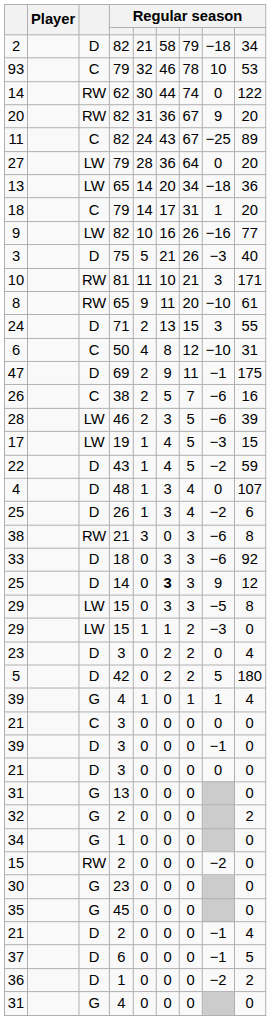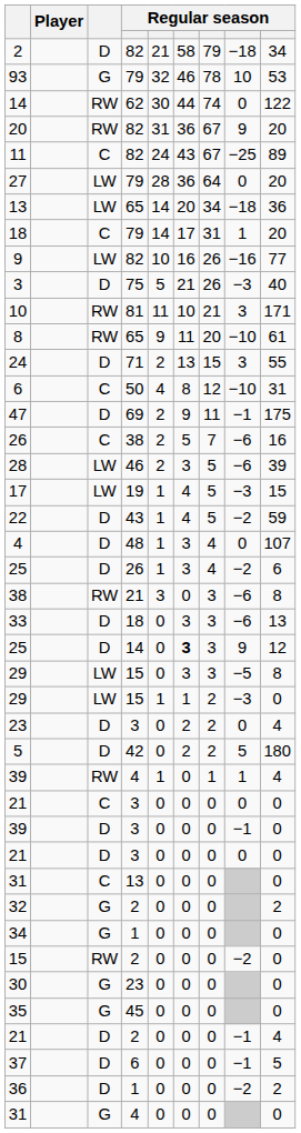 <table class="wikitable sortable plainrowheaders" style="text-align:center;">
 <tr>
 <th scope="col" data-sort-type="number" rowspan="2"></th>
 <th scope="col" rowspan="2">Player</th>
 <th scope="col" rowspan="2"></th>
 <th scope=colgroup colspan=6>Regular season</th>
 </tr>
 <tr>
 <th scope="col" data-sort-type="number"></th>
 <th scope="col" data-sort-type="number"></th>
 <th scope="col" data-sort-type="number"></th>
 <th scope="col" data-sort-type="number"></th>
 <th scope="col" data-sort-type="number"></th>
 <th scope="col" data-sort-type="number"></th>
 </tr>
 <tr>
 <td scope="row">2</td>
 <td align="left"></td>
 <td>D</td>
 <td>82</td>
 <td>21</td>
 <td>58</td>
 <td>79</td>
 <td>−18</td>
 <td>34</td>
 </tr>
 <tr>
 <td scope="row">93</td>
 <td align="left"></td>
-<td>C</td>
+<td>G</td>
 <td>79</td>
 <td>32</td>
 <td>46</td>
 <td>78</td>
 <td>10</td>
 <td>53</td>
 </tr>
 <tr>
 <td scope="row">14</td>
 <td align="left"></td>
 <td>RW</td>
 <td>62</td>
 <td>30</td>
 <td>44</td>
 <td>74</td>
 <td>0</td>
 <td>122</td>
 </tr>
 <tr>
 <td scope="row">20</td>
 <td align="left"></td>
 <td>RW</td>
 <td>82</td>
 <td>31</td>
 <td>36</td>
 <td>67</td>
 <td>9</td>
 <td>20</td>
 </tr>
 <tr>
 <td scope="row">11</td>
 <td align="left"></td>
 <td>C</td>
 <td>82</td>
 <td>24</td>
 <td>43</td>
 <td>67</td>
 <td>−25</td>
 <td>89</td>
 </tr>
 <tr>
 <td scope="row">27</td>
 <td align="left"></td>
 <td>LW</td>
 <td>79</td>
 <td>28</td>
 <td>36</td>
 <td>64</td>
 <td>0</td>
 <td>20</td>
 </tr>
 <tr>
 <td scope="row">13</td>
 <td align="left"></td>
 <td>LW</td>
 <td>65</td>
 <td>14</td>
 <td>20</td>
 <td>34</td>
 <td>−18</td>
 <td>36</td>
 </tr>
 <tr>
 <td scope="row">18</td>
 <td align="left"></td>
 <td>C</td>
 <td>79</td>
 <td>14</td>
 <td>17</td>
 <td>31</td>
 <td>1</td>
 <td>20</td>
 </tr>
 <tr>
 <td scope="row">9</td>
 <td align="left"></td>
 <td>LW</td>
 <td>82</td>
 <td>10</td>
 <td>16</td>
 <td>26</td>
 <td>−16</td>
 <td>77</td>
 </tr>
 <tr>
 <td scope="row">3</td>
 <td align="left"></td>
 <td>D</td>
 <td>75</td>
 <td>5</td>
 <td>21</td>
 <td>26</td>
 <td>−3</td>
 <td>40</td>
 </tr>
 <tr>
 <td scope="row">10</td>
 <td align="left"></td>
 <td>RW</td>
 <td>81</td>
 <td>11</td>
 <td>10</td>
 <td>21</td>
 <td>3</td>
 <td>171</td>
 </tr>
 <tr>
 <td scope="row">8</td>
 <td align="left"></td>
 <td>RW</td>
 <td>65</td>
 <td>9</td>
 <td>11</td>
 <td>20</td>
 <td>−10</td>
 <td>61</td>
 </tr>
 <tr>
 <td scope="row">24</td>
 <td align="left"></td>
 <td>D</td>
 <td>71</td>
 <td>2</td>
 <td>13</td>
 <td>15</td>
 <td>3</td>
 <td>55</td>
 </tr>
 <tr>
 <td scope="row">6</td>
 <td align="left"></td>
 <td>C</td>
 <td>50</td>
 <td>4</td>
 <td>8</td>
 <td>12</td>
 <td>−10</td>
 <td>31</td>
 </tr>
 <tr>
 <td scope="row">47</td>
 <td align="left"></td>
 <td>D</td>
 <td>69</td>
 <td>2</td>
 <td>9</td>
 <td>11</td>
 <td>−1</td>
 <td>175</td>
 </tr>
 <tr>
 <td scope="row">26</td>
 <td align="left"></td>
 <td>C</td>
 <td>38</td>
 <td>2</td>
 <td>5</td>
 <td>7</td>
 <td>−6</td>
 <td>16</td>
 </tr>
 <tr>
 <td scope="row">28</td>
 <td align="left"></td>
 <td>LW</td>
 <td>46</td>
 <td>2</td>
 <td>3</td>
 <td>5</td>
 <td>−6</td>
 <td>39</td>
 </tr>
 <tr>
 <td scope="row">17</td>
 <td align="left"></td>
 <td>LW</td>
 <td>19</td>
 <td>1</td>
 <td>4</td>
 <td>5</td>
 <td>−3</td>
 <td>15</td>
 </tr>
 <tr>
 <td scope="row">22</td>
 <td align="left"></td>
 <td>D</td>
 <td>43</td>
 <td>1</td>
 <td>4</td>
 <td>5</td>
 <td>−2</td>
 <td>59</td>
 </tr>
 <tr>
 <td scope="row">4</td>
 <td align="left"></td>
 <td>D</td>
 <td>48</td>
 <td>1</td>
 <td>3</td>
 <td>4</td>
 <td>0</td>
 <td>107</td>
 </tr>
 <tr>
 <td scope="row">25</td>
 <td align="left"></td>
 <td>D</td>
 <td>26</td>
 <td>1</td>
 <td>3</td>
 <td>4</td>
 <td>−2</td>
 <td>6</td>
 </tr>
 <tr>
 <td scope="row">38</td>
 <td align="left"></td>
 <td>RW</td>
 <td>21</td>
 <td>3</td>
 <td>0</td>
 <td>3</td>
 <td>−6</td>
 <td>8</td>
 </tr>
 <tr>
 <td scope="row">33</td>
 <td align="left"></td>
 <td>D</td>
 <td>18</td>
 <td>0</td>
 <td>3</td>
 <td>3</td>
 <td>−6</td>
-<td>92</td>
+<td>13</td>
 </tr>
 <tr>
 <td scope="row">25</td>
 <td align="left"></td>
 <td>D</td>
 <td>14</td>
 <td>0</td>
 <td><strong>3</strong></td>
 <td>3</td>
 <td>9</td>
 <td>12</td>
 </tr>
 <tr>
 <td scope="row">29</td>
 <td align="left"></td>
 <td>LW</td>
 <td>15</td>
 <td>0</td>
 <td>3</td>
 <td>3</td>
 <td>−5</td>
 <td>8</td>
 </tr>
 <tr>
 <td scope="row">29</td>
 <td align="left"></td>
 <td>LW</td>
 <td>15</td>
 <td>1</td>
 <td>1</td>
 <td>2</td>
 <td>−3</td>
 <td>0</td>
 </tr>
 <tr>
 <td scope="row">23</td>
 <td align="left"></td>
 <td>D</td>
 <td>3</td>
 <td>0</td>
 <td>2</td>
 <td>2</td>
 <td>0</td>
 <td>4</td>
 </tr>
 <tr>
 <td scope="row">5</td>
 <td align="left"></td>
 <td>D</td>
 <td>42</td>
 <td>0</td>
 <td>2</td>
 <td>2</td>
 <td>5</td>
 <td>180</td>
 </tr>
 <tr>
 <td scope="row">39</td>
 <td align="left"></td>
-<td>G</td>
+<td>RW</td>
 <td>4</td>
 <td>1</td>
 <td>0</td>
 <td>1</td>
 <td>1</td>
 <td>4</td>
 </tr>
 <tr>
 <td scope="row">21</td>
 <td align="left"></td>
 <td>C</td>
 <td>3</td>
 <td>0</td>
 <td>0</td>
 <td>0</td>
 <td>0</td>
 <td>0</td>
 </tr>
 <tr>
 <td scope="row">39</td>
 <td align="left"></td>
 <td>D</td>
 <td>3</td>
 <td>0</td>
 <td>0</td>
 <td>0</td>
 <td>−1</td>
 <td>0</td>
 </tr>
 <tr>
 <td scope="row">21</td>
 <td align="left"></td>
 <td>D</td>
 <td>3</td>
 <td>0</td>
 <td>0</td>
 <td>0</td>
 <td>0</td>
 <td>0</td>
 </tr>
 <tr>
 <td scope="row">31</td>
 <td align="left"></td>
-<td>G</td>
+<td>C</td>
 <td>13</td>
 <td>0</td>
 <td>0</td>
 <td>0</td>
 <td style="background:#ccc"></td>
 <td>0</td>
 </tr>
 <tr>
 <td scope="row">32</td>
 <td align="left"></td>
 <td>G</td>
 <td>2</td>
 <td>0</td>
 <td>0</td>
 <td>0</td>
 <td style="background:#ccc"></td>
 <td>2</td>
 </tr>
 <tr>
 <td scope="row">34</td>
 <td align="left"></td>
 <td>G</td>
 <td>1</td>
 <td>0</td>
 <td>0</td>
 <td>0</td>
 <td style="background:#ccc"></td>
 <td>0</td>
 </tr>
 <tr>
 <td scope="row">15</td>
 <td align="left"></td>
 <td>RW</td>
 <td>2</td>
 <td>0</td>
 <td>0</td>
 <td>0</td>
 <td>−2</td>
 <td>0</td>
 </tr>
 <tr>
 <td scope="row">30</td>
 <td align="left"></td>
 <td>G</td>
 <td>23</td>
 <td>0</td>
 <td>0</td>
 <td>0</td>
 <td style="background:#ccc"></td>
 <td>0</td>
 </tr>
 <tr>
 <td scope="row">35</td>
 <td align="left"></td>
 <td>G</td>
 <td>45</td>
 <td>0</td>
 <td>0</td>
 <td>0</td>
 <td style="background:#ccc"></td>
 <td>0</td>
 </tr>
 <tr>
 <td scope="row">21</td>
 <td align="left"></td>
 <td>D</td>
 <td>2</td>
 <td>0</td>
 <td>0</td>
 <td>0</td>
 <td>−1</td>
 <td>4</td>
 </tr>
 <tr>
 <td scope="row">37</td>
 <td align="left"></td>
 <td>D</td>
 <td>6</td>
 <td>0</td>
 <td>0</td>
 <td>0</td>
 <td>−1</td>
 <td>5</td>
 </tr>
 <tr>
 <td scope="row">36</td>
 <td align="left"></td>
 <td>D</td>
 <td>1</td>
 <td>0</td>
 <td>0</td>
 <td>0</td>
 <td>−2</td>
 <td>2</td>
 </tr>
 <tr>
 <td scope="row">31</td>
 <td align="left"></td>
 <td>G</td>
 <td>4</td>
 <td>0</td>
 <td>0</td>
 <td>0</td>
 <td style="background:#ccc"></td>
 <td>0</td>
 </tr>
 </table>
